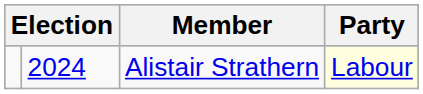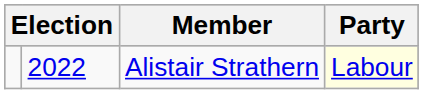 <table class="wikitable">
 <tr>
 <th colspan="2">Election</th>
 <th>Member</th>
 <th>Party</th>
 </tr>
 <tr>
 <td style="color:inherit;background-color: "></td>
-<td><a href='#'>2024</a></td>
+<td><a href='#'>2022</a></td>
 <td><a href='#'>Alistair Strathern</a></td>
 <td style="background: lightyellow;"><a href='#'>Labour</a></td>
 </tr>
 </table>
